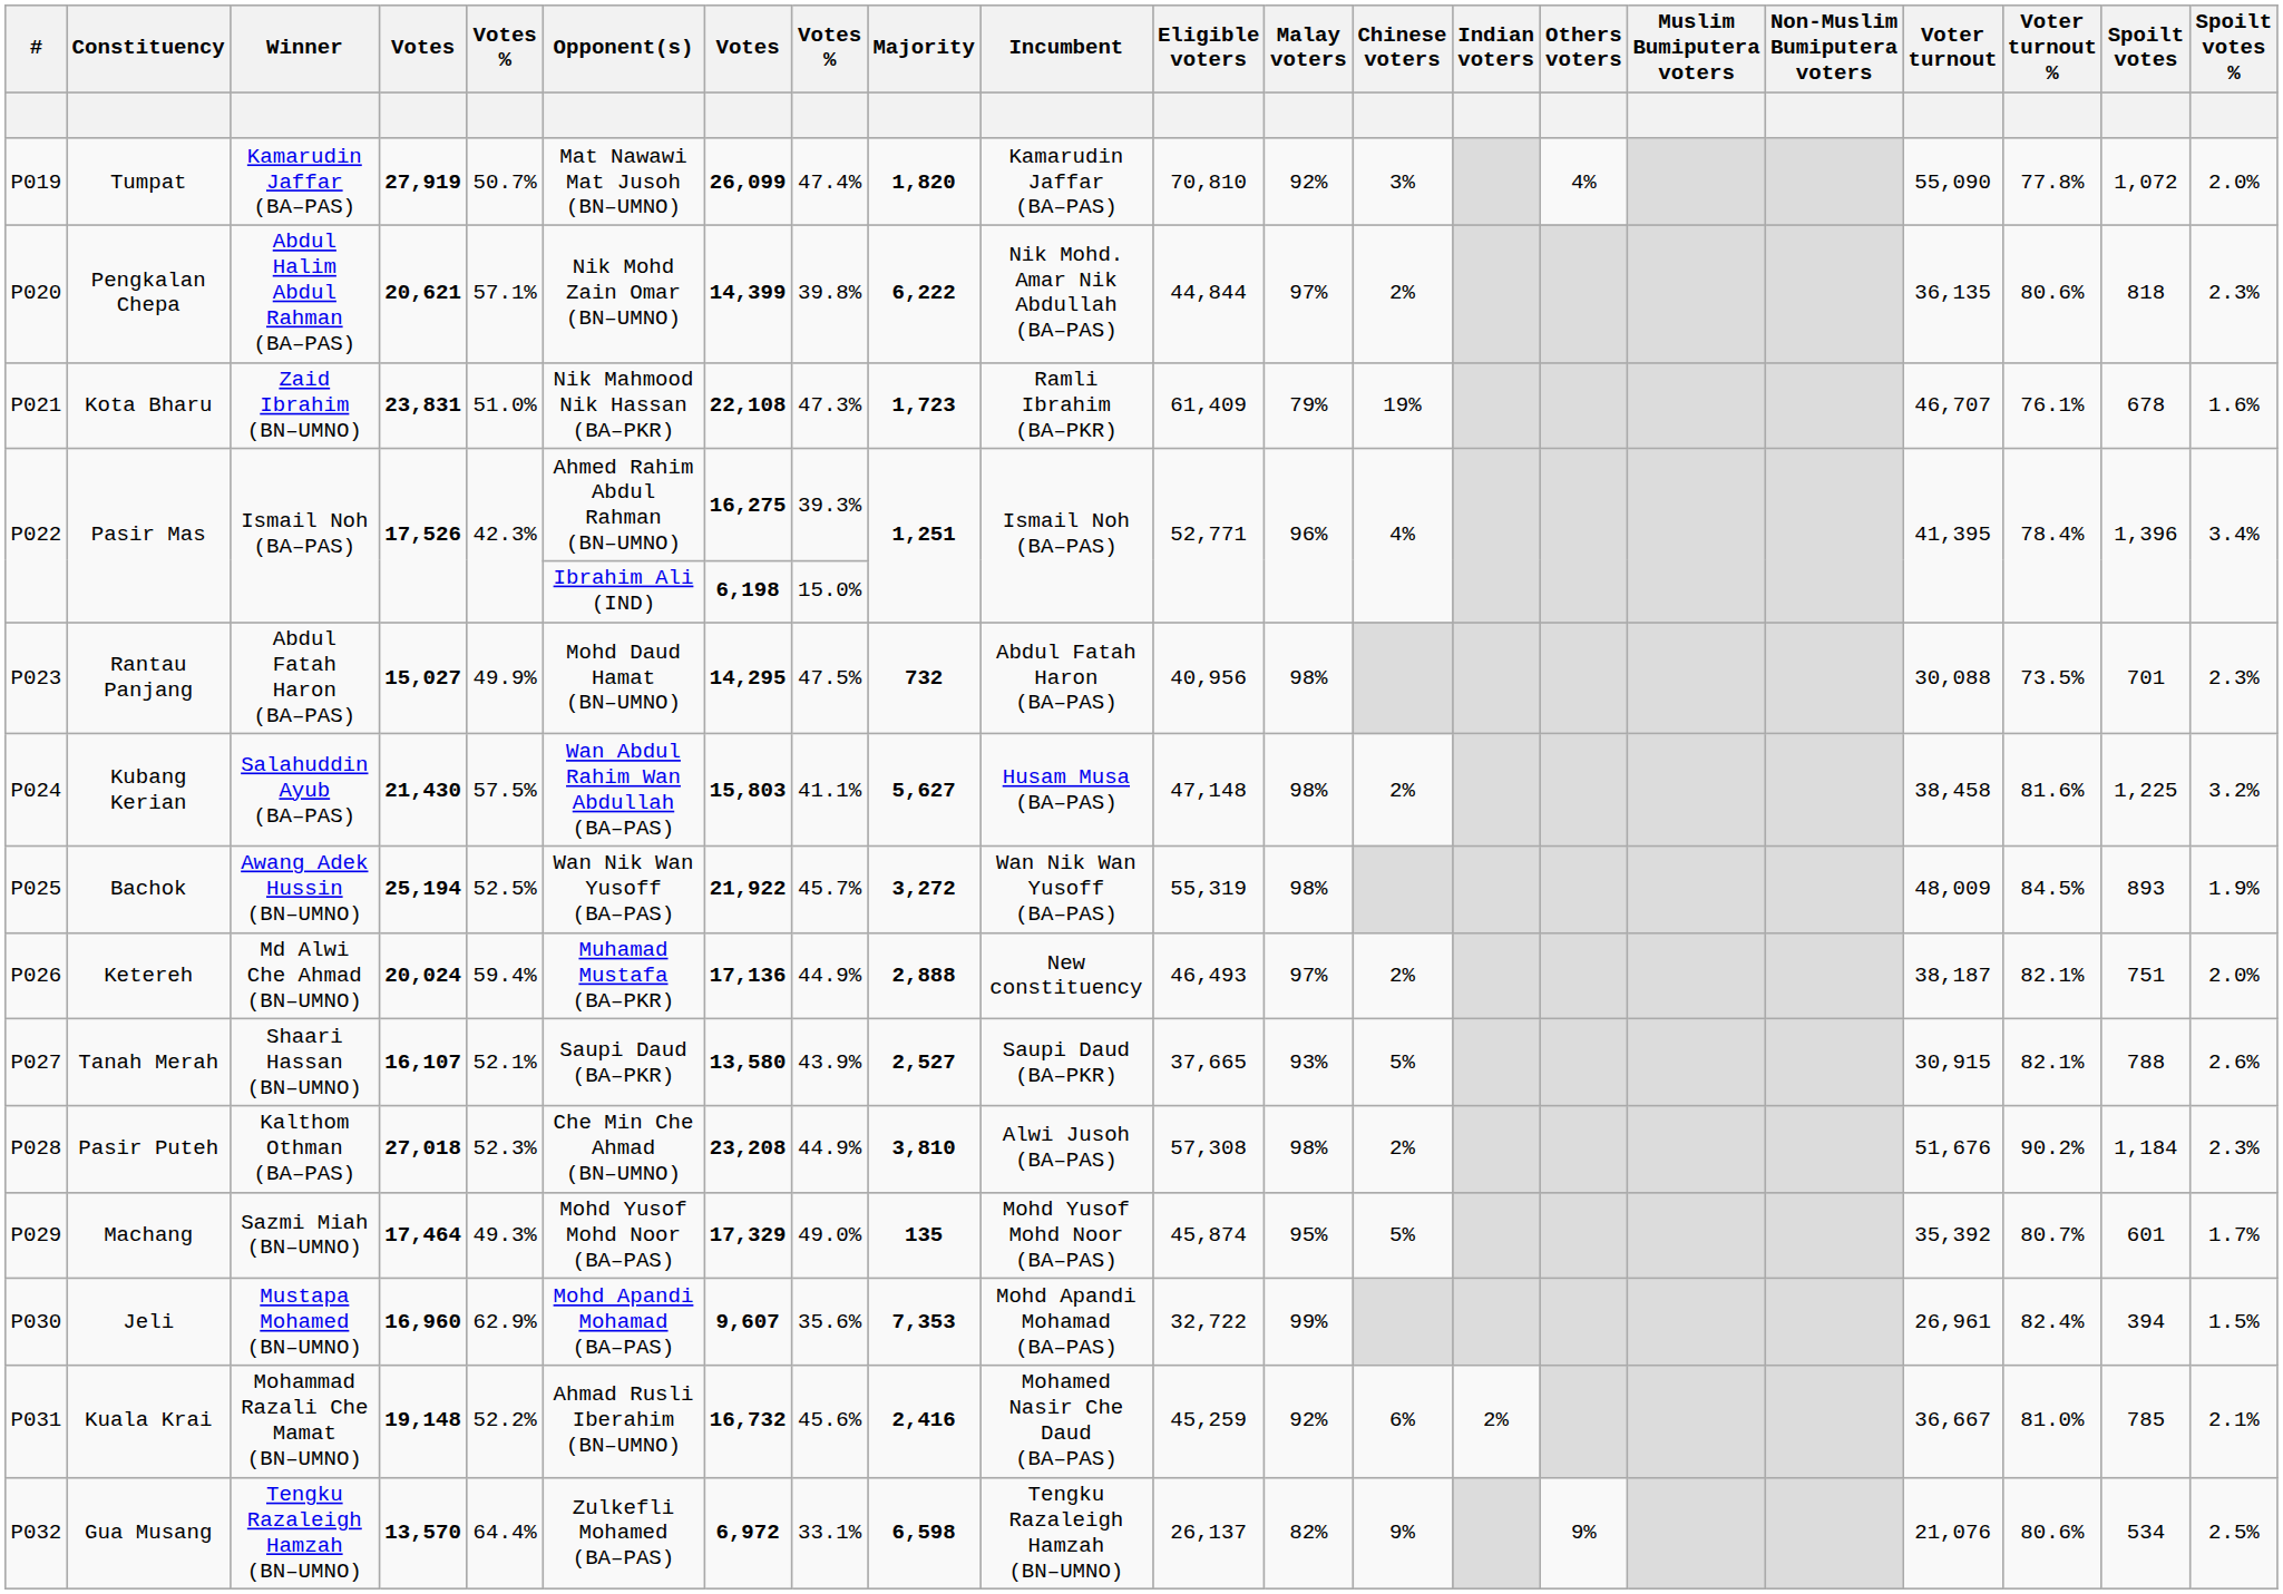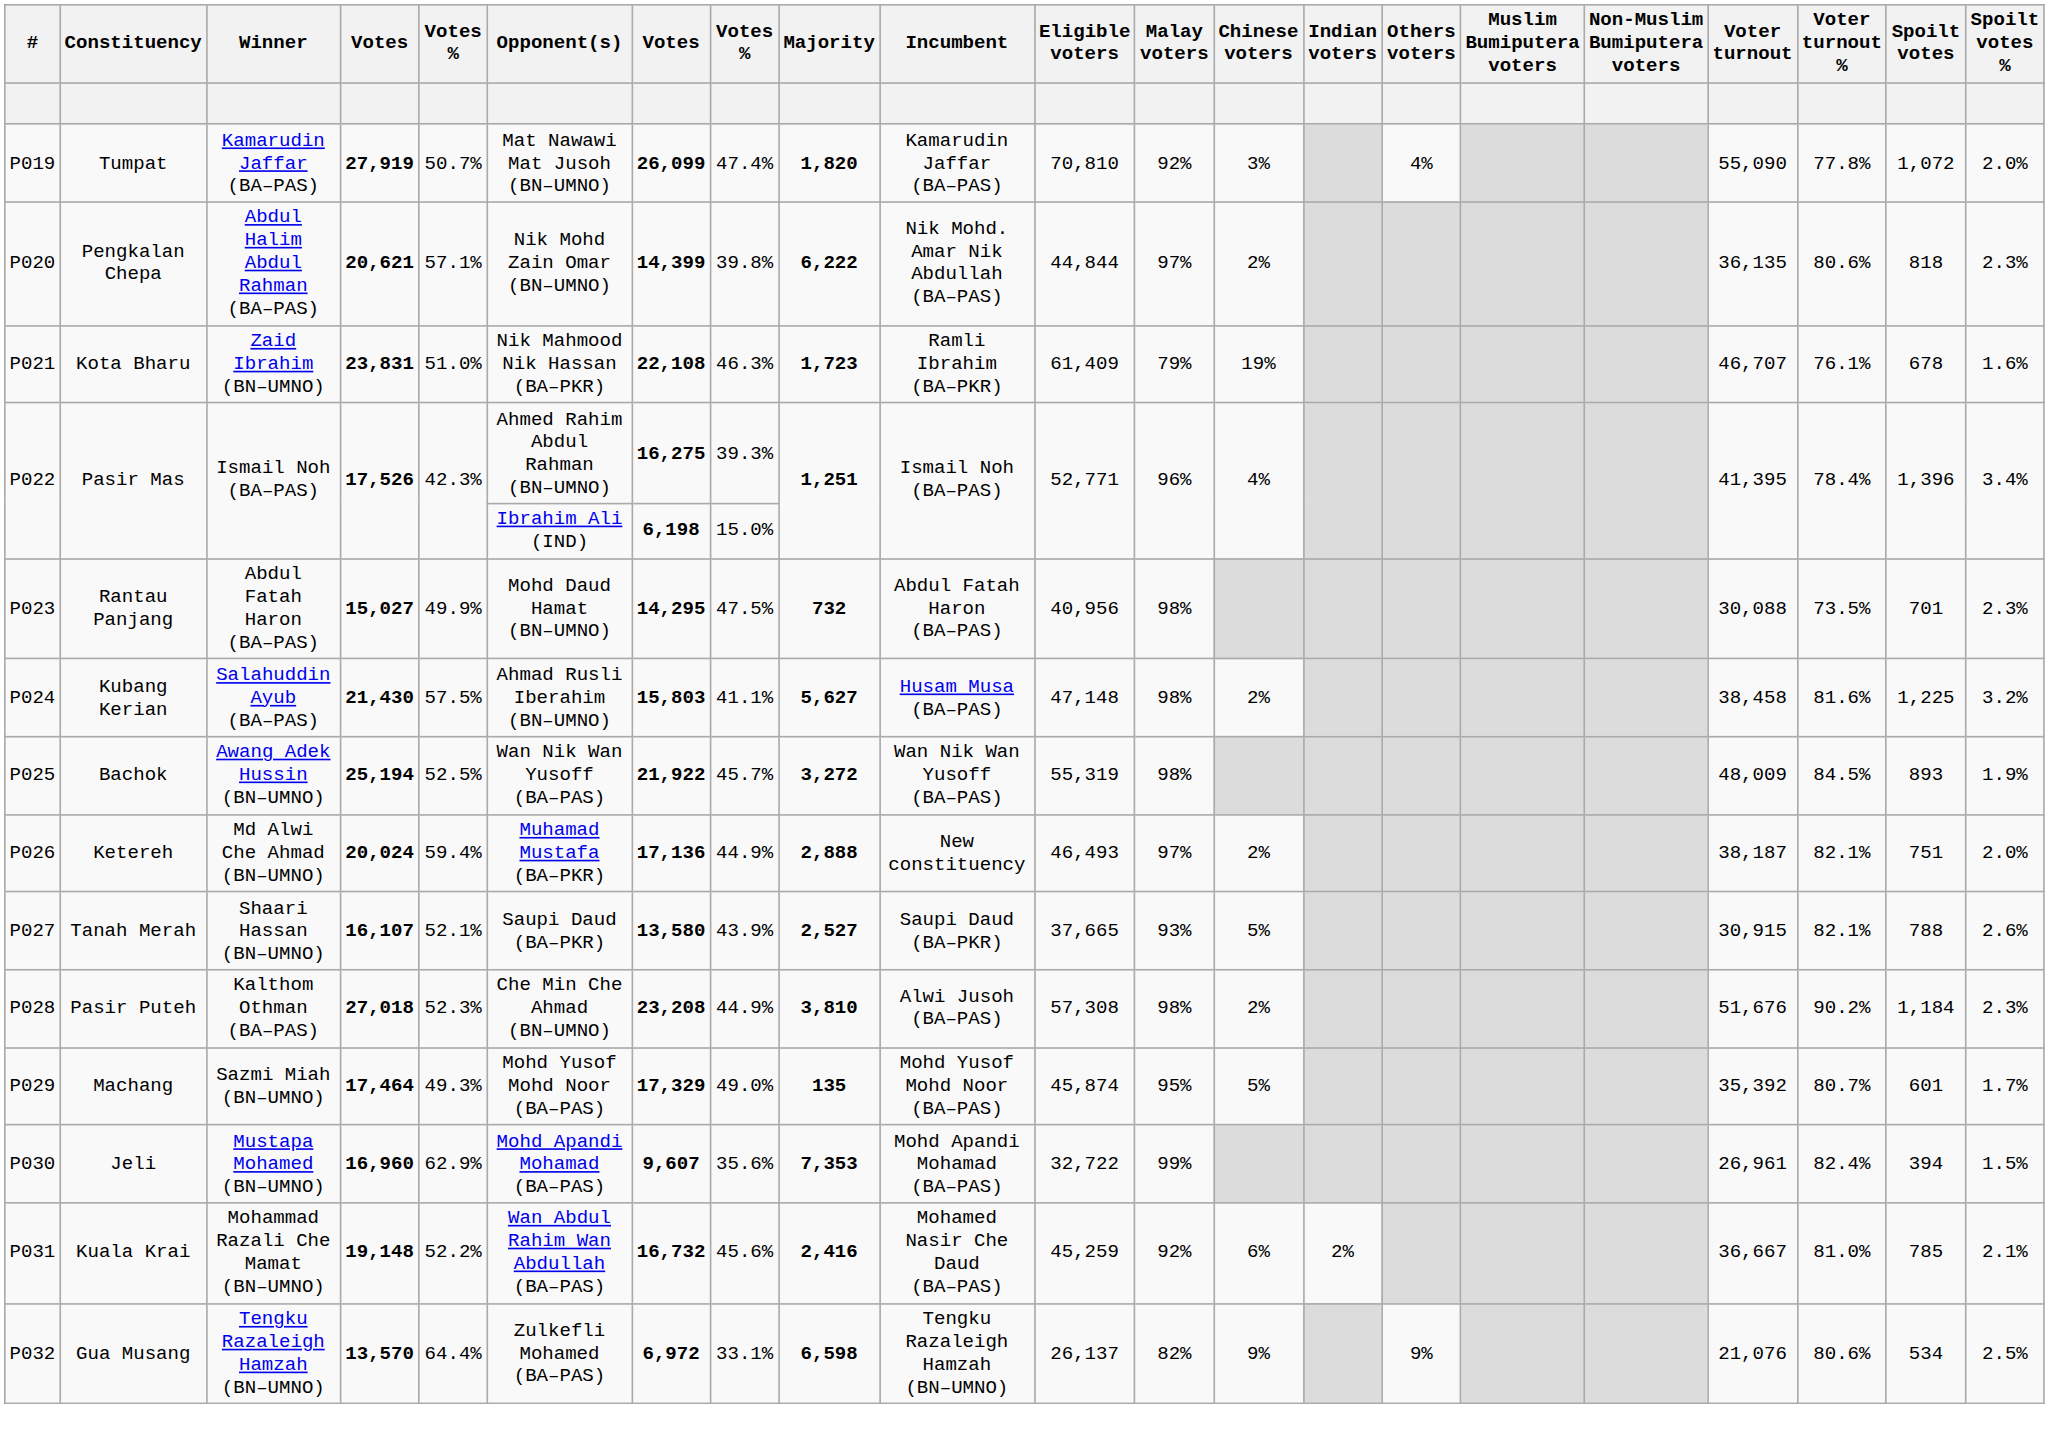 <table class="wikitable sortable" style="text-align:center; font-size:90%">
 <tr>
 <th width="30">#</th>
 <th width="60">Constituency</th>
 <th width="150">Winner</th>
 <th width="50">Votes</th>
 <th width="50">Votes %</th>
 <th width="150">Opponent(s)</th>
 <th width="50">Votes</th>
 <th width="50">Votes %</th>
 <th width="50">Majority</th>
 <th width="150">Incumbent</th>
 <th width="50">Eligible voters</th>
 <th width="50">Malay voters</th>
 <th width="50">Chinese voters</th>
 <th width="50">Indian voters</th>
 <th width="50">Others voters</th>
 <th width="50">Muslim Bumiputera voters</th>
 <th width="50">Non-Muslim Bumiputera voters</th>
 <th width="50">Voter turnout</th>
 <th width="50">Voter turnout %</th>
 <th width="50">Spoilt votes</th>
 <th width="50">Spoilt votes %</th>
 </tr>
 <tr>
 <th height="20"></th>
 <th></th>
 <th></th>
 <th></th>
 <th></th>
 <th></th>
 <th></th>
 <th></th>
 <th></th>
 <th></th>
 <th></th>
 <th></th>
 <th></th>
 <th></th>
 <th></th>
 <th></th>
 <th></th>
 <th></th>
 <th></th>
 <th></th>
 <th></th>
 </tr>
 <tr>
 <td>P019</td>
 <td>Tumpat</td>
 <td><a href='#'>Kamarudin Jaffar</a><br>(BA–PAS)</td>
 <td><strong>27,919</strong></td>
 <td>50.7%</td>
 <td>Mat Nawawi Mat Jusoh<br>(BN–UMNO)</td>
 <td><strong>26,099</strong></td>
 <td>47.4%</td>
 <td><strong>1,820</strong></td>
 <td>Kamarudin Jaffar<br>(BA–PAS)</td>
 <td>70,810</td>
 <td>92%</td>
 <td>3%</td>
 <td bgcolor="dcdcdc"></td>
 <td>4%</td>
 <td bgcolor="dcdcdc"></td>
 <td bgcolor="dcdcdc"></td>
 <td>55,090</td>
 <td>77.8%</td>
 <td>1,072</td>
 <td>2.0%</td>
 </tr>
 <tr>
 <td>P020</td>
 <td>Pengkalan Chepa</td>
 <td><a href='#'>Abdul Halim Abdul Rahman</a><br>(BA–PAS)</td>
 <td><strong>20,621</strong></td>
 <td>57.1%</td>
 <td>Nik Mohd Zain Omar<br>(BN–UMNO)</td>
 <td><strong>14,399</strong></td>
 <td>39.8%</td>
 <td><strong>6,222</strong></td>
 <td>Nik Mohd. Amar Nik Abdullah<br>(BA–PAS)</td>
 <td>44,844</td>
 <td>97%</td>
 <td>2%</td>
 <td bgcolor="dcdcdc"></td>
 <td bgcolor="dcdcdc"></td>
 <td bgcolor="dcdcdc"></td>
 <td bgcolor="dcdcdc"></td>
 <td>36,135</td>
 <td>80.6%</td>
 <td>818</td>
 <td>2.3%</td>
 </tr>
 <tr>
 <td>P021</td>
 <td>Kota Bharu</td>
 <td><a href='#'>Zaid Ibrahim</a><br>(BN–UMNO)</td>
 <td><strong>23,831</strong></td>
 <td>51.0%</td>
 <td>Nik Mahmood Nik Hassan<br>(BA–PKR)</td>
 <td><strong>22,108</strong></td>
-<td>47.3%</td>
+<td>46.3%</td>
 <td><strong>1,723</strong></td>
 <td>Ramli Ibrahim<br>(BA–PKR)</td>
 <td>61,409</td>
 <td>79%</td>
 <td>19%</td>
 <td bgcolor="dcdcdc"></td>
 <td bgcolor="dcdcdc"></td>
 <td bgcolor="dcdcdc"></td>
 <td bgcolor="dcdcdc"></td>
 <td>46,707</td>
 <td>76.1%</td>
 <td>678</td>
 <td>1.6%</td>
 </tr>
 <tr>
 <td rowspan="2">P022</td>
 <td rowspan="2">Pasir Mas</td>
 <td rowspan="2">Ismail Noh<br>(BA–PAS)</td>
 <td rowspan="2"><strong>17,526</strong></td>
 <td rowspan="2">42.3%</td>
 <td>Ahmed Rahim Abdul Rahman<br>(BN–UMNO)</td>
 <td><strong>16,275</strong></td>
 <td>39.3%</td>
 <td rowspan="2"><strong>1,251</strong></td>
 <td rowspan="2">Ismail Noh<br>(BA–PAS)</td>
 <td rowspan="2">52,771</td>
 <td rowspan="2">96%</td>
 <td rowspan="2">4%</td>
 <td rowspan="2" bgcolor="dcdcdc"></td>
 <td rowspan="2" bgcolor="dcdcdc"></td>
 <td rowspan="2" bgcolor="dcdcdc"></td>
 <td rowspan="2" bgcolor="dcdcdc"></td>
 <td rowspan="2">41,395</td>
 <td rowspan="2">78.4%</td>
 <td rowspan="2">1,396</td>
 <td rowspan="2">3.4%</td>
 </tr>
 <tr>
 <td><a href='#'>Ibrahim Ali</a><br>(IND)</td>
 <td><strong>6,198</strong></td>
 <td>15.0%</td>
 </tr>
 <tr>
 <td>P023</td>
 <td>Rantau Panjang</td>
 <td>Abdul Fatah Haron<br>(BA–PAS)</td>
 <td><strong>15,027</strong></td>
 <td>49.9%</td>
 <td>Mohd Daud Hamat<br>(BN–UMNO)</td>
 <td><strong>14,295</strong></td>
 <td>47.5%</td>
 <td><strong>732</strong></td>
 <td>Abdul Fatah Haron<br>(BA–PAS)</td>
 <td>40,956</td>
 <td>98%</td>
 <td bgcolor="dcdcdc"></td>
 <td bgcolor="dcdcdc"></td>
 <td bgcolor="dcdcdc"></td>
 <td bgcolor="dcdcdc"></td>
 <td bgcolor="dcdcdc"></td>
 <td>30,088</td>
 <td>73.5%</td>
 <td>701</td>
 <td>2.3%</td>
 </tr>
 <tr>
 <td>P024</td>
 <td>Kubang Kerian</td>
 <td><a href='#'>Salahuddin Ayub</a><br>(BA–PAS)</td>
 <td><strong>21,430</strong></td>
 <td>57.5%</td>
-<td><a href='#'>Wan Abdul Rahim Wan Abdullah</a><br>(BA–PAS)</td>
+<td>Ahmad Rusli Iberahim<br>(BN–UMNO)</td>
 <td><strong>15,803</strong></td>
 <td>41.1%</td>
 <td><strong>5,627</strong></td>
 <td><a href='#'>Husam Musa</a><br>(BA–PAS)</td>
 <td>47,148</td>
 <td>98%</td>
 <td>2%</td>
 <td bgcolor="dcdcdc"></td>
 <td bgcolor="dcdcdc"></td>
 <td bgcolor="dcdcdc"></td>
 <td bgcolor="dcdcdc"></td>
 <td>38,458</td>
 <td>81.6%</td>
 <td>1,225</td>
 <td>3.2%</td>
 </tr>
 <tr>
 <td>P025</td>
 <td>Bachok</td>
 <td><a href='#'>Awang Adek Hussin</a><br>(BN–UMNO)</td>
 <td><strong>25,194</strong></td>
 <td>52.5%</td>
 <td>Wan Nik Wan Yusoff<br>(BA–PAS)</td>
 <td><strong>21,922</strong></td>
 <td>45.7%</td>
 <td><strong>3,272</strong></td>
 <td>Wan Nik Wan Yusoff<br>(BA–PAS)</td>
 <td>55,319</td>
 <td>98%</td>
 <td bgcolor="dcdcdc"></td>
 <td bgcolor="dcdcdc"></td>
 <td bgcolor="dcdcdc"></td>
 <td bgcolor="dcdcdc"></td>
 <td bgcolor="dcdcdc"></td>
 <td>48,009</td>
 <td>84.5%</td>
 <td>893</td>
 <td>1.9%</td>
 </tr>
 <tr>
 <td>P026</td>
 <td>Ketereh</td>
 <td>Md Alwi Che Ahmad<br>(BN–UMNO)</td>
 <td><strong>20,024</strong></td>
 <td>59.4%</td>
 <td><a href='#'>Muhamad Mustafa</a><br>(BA–PKR)</td>
 <td><strong>17,136</strong></td>
 <td>44.9%</td>
 <td><strong>2,888</strong></td>
 <td>New constituency</td>
 <td>46,493</td>
 <td>97%</td>
 <td>2%</td>
 <td bgcolor="dcdcdc"></td>
 <td bgcolor="dcdcdc"></td>
 <td bgcolor="dcdcdc"></td>
 <td bgcolor="dcdcdc"></td>
 <td>38,187</td>
 <td>82.1%</td>
 <td>751</td>
 <td>2.0%</td>
 </tr>
 <tr>
 <td>P027</td>
 <td>Tanah Merah</td>
 <td>Shaari Hassan<br>(BN–UMNO)</td>
 <td><strong>16,107</strong></td>
 <td>52.1%</td>
 <td>Saupi Daud<br>(BA–PKR)</td>
 <td><strong>13,580</strong></td>
 <td>43.9%</td>
 <td><strong>2,527</strong></td>
 <td>Saupi Daud<br>(BA–PKR)</td>
 <td>37,665</td>
 <td>93%</td>
 <td>5%</td>
 <td bgcolor="dcdcdc"></td>
 <td bgcolor="dcdcdc"></td>
 <td bgcolor="dcdcdc"></td>
 <td bgcolor="dcdcdc"></td>
 <td>30,915</td>
 <td>82.1%</td>
 <td>788</td>
 <td>2.6%</td>
 </tr>
 <tr>
 <td>P028</td>
 <td>Pasir Puteh</td>
 <td>Kalthom Othman<br>(BA–PAS)</td>
 <td><strong>27,018</strong></td>
 <td>52.3%</td>
 <td>Che Min Che Ahmad<br>(BN–UMNO)</td>
 <td><strong>23,208</strong></td>
 <td>44.9%</td>
 <td><strong>3,810</strong></td>
 <td>Alwi Jusoh<br>(BA–PAS)</td>
 <td>57,308</td>
 <td>98%</td>
 <td>2%</td>
 <td bgcolor="dcdcdc"></td>
 <td bgcolor="dcdcdc"></td>
 <td bgcolor="dcdcdc"></td>
 <td bgcolor="dcdcdc"></td>
 <td>51,676</td>
 <td>90.2%</td>
 <td>1,184</td>
 <td>2.3%</td>
 </tr>
 <tr>
 <td>P029</td>
 <td>Machang</td>
 <td>Sazmi Miah<br>(BN–UMNO)</td>
 <td><strong>17,464</strong></td>
 <td>49.3%</td>
 <td>Mohd Yusof Mohd Noor<br>(BA–PAS)</td>
 <td><strong>17,329</strong></td>
 <td>49.0%</td>
 <td><strong>135</strong></td>
 <td>Mohd Yusof Mohd Noor<br>(BA–PAS)</td>
 <td>45,874</td>
 <td>95%</td>
 <td>5%</td>
 <td bgcolor="dcdcdc"></td>
 <td bgcolor="dcdcdc"></td>
 <td bgcolor="dcdcdc"></td>
 <td bgcolor="dcdcdc"></td>
 <td>35,392</td>
 <td>80.7%</td>
 <td>601</td>
 <td>1.7%</td>
 </tr>
 <tr>
 <td>P030</td>
 <td>Jeli</td>
 <td><a href='#'>Mustapa Mohamed</a><br>(BN–UMNO)</td>
 <td><strong>16,960</strong></td>
 <td>62.9%</td>
 <td><a href='#'>Mohd Apandi Mohamad</a><br>(BA–PAS)</td>
 <td><strong>9,607</strong></td>
 <td>35.6%</td>
 <td><strong>7,353</strong></td>
 <td>Mohd Apandi Mohamad<br>(BA–PAS)</td>
 <td>32,722</td>
 <td>99%</td>
 <td bgcolor="dcdcdc"></td>
 <td bgcolor="dcdcdc"></td>
 <td bgcolor="dcdcdc"></td>
 <td bgcolor="dcdcdc"></td>
 <td bgcolor="dcdcdc"></td>
 <td>26,961</td>
 <td>82.4%</td>
 <td>394</td>
 <td>1.5%</td>
 </tr>
 <tr>
 <td>P031</td>
 <td>Kuala Krai</td>
 <td>Mohammad Razali Che Mamat<br>(BN–UMNO)</td>
 <td><strong>19,148</strong></td>
 <td>52.2%</td>
-<td>Ahmad Rusli Iberahim<br>(BN–UMNO)</td>
+<td><a href='#'>Wan Abdul Rahim Wan Abdullah</a><br>(BA–PAS)</td>
 <td><strong>16,732</strong></td>
 <td>45.6%</td>
 <td><strong>2,416</strong></td>
 <td>Mohamed Nasir Che Daud<br>(BA–PAS)</td>
 <td>45,259</td>
 <td>92%</td>
 <td>6%</td>
 <td>2%</td>
 <td bgcolor="dcdcdc"></td>
 <td bgcolor="dcdcdc"></td>
 <td bgcolor="dcdcdc"></td>
 <td>36,667</td>
 <td>81.0%</td>
 <td>785</td>
 <td>2.1%</td>
 </tr>
 <tr>
 <td>P032</td>
 <td>Gua Musang</td>
 <td><a href='#'>Tengku Razaleigh Hamzah</a><br>(BN–UMNO)</td>
 <td><strong>13,570</strong></td>
 <td>64.4%</td>
 <td>Zulkefli Mohamed<br>(BA–PAS)</td>
 <td><strong>6,972</strong></td>
 <td>33.1%</td>
 <td><strong>6,598</strong></td>
 <td>Tengku Razaleigh Hamzah<br>(BN–UMNO)</td>
 <td>26,137</td>
 <td>82%</td>
 <td>9%</td>
 <td bgcolor="dcdcdc"></td>
 <td>9%</td>
 <td bgcolor="dcdcdc"></td>
 <td bgcolor="dcdcdc"></td>
 <td>21,076</td>
 <td>80.6%</td>
 <td>534</td>
 <td>2.5%</td>
 </tr>
 </table>
